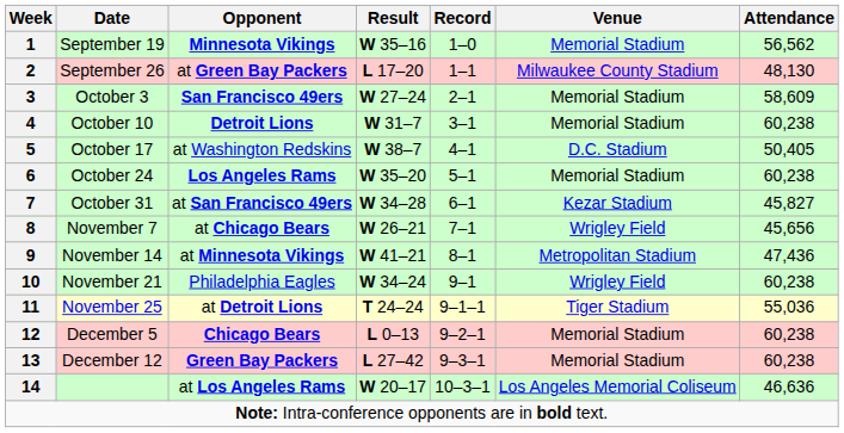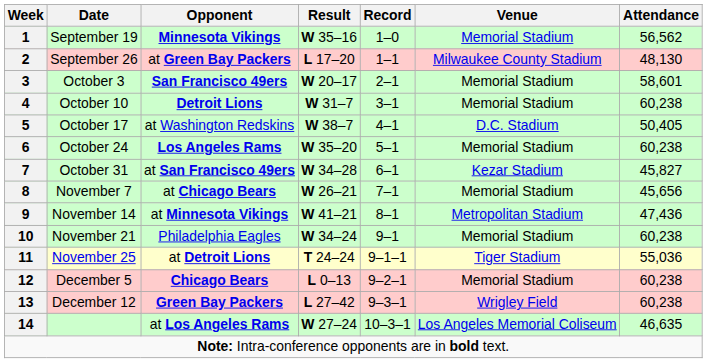 <table class="wikitable" style="text-align:center">
 <tr>
 <th>Week</th>
 <th>Date</th>
 <th>Opponent</th>
 <th>Result</th>
 <th>Record</th>
 <th>Venue</th>
 <th>Attendance</th>
 </tr>
 <tr style="background:#cfc">
 <th>1</th>
 <td>September 19</td>
 <td><strong><a href='#'>Minnesota Vikings</a></strong></td>
 <td><strong>W</strong> 35–16</td>
 <td>1–0</td>
 <td><a href='#'>Memorial Stadium</a></td>
 <td>56,562</td>
 </tr>
 <tr style="background:#fcc">
 <th>2</th>
 <td>September 26</td>
 <td>at <strong><a href='#'>Green Bay Packers</a></strong></td>
 <td><strong>L</strong> 17–20</td>
 <td>1–1</td>
 <td><a href='#'>Milwaukee County Stadium</a></td>
 <td>48,130</td>
 </tr>
 <tr style="background:#cfc">
 <th>3</th>
 <td>October 3</td>
 <td><strong><a href='#'>San Francisco 49ers</a></strong></td>
-<td><strong>W</strong> 27–24</td>
+<td><strong>W</strong> 20–17</td>
 <td>2–1</td>
 <td>Memorial Stadium</td>
-<td>58,609</td>
+<td>58,601</td>
 </tr>
 <tr style="background:#cfc">
 <th>4</th>
 <td>October 10</td>
 <td><strong><a href='#'>Detroit Lions</a></strong></td>
 <td><strong>W</strong> 31–7</td>
 <td>3–1</td>
 <td>Memorial Stadium</td>
 <td>60,238</td>
 </tr>
 <tr style="background:#cfc">
 <th>5</th>
 <td>October 17</td>
 <td>at <a href='#'>Washington Redskins</a></td>
 <td><strong>W</strong> 38–7</td>
 <td>4–1</td>
 <td><a href='#'>D.C. Stadium</a></td>
 <td>50,405</td>
 </tr>
 <tr style="background:#cfc">
 <th>6</th>
 <td>October 24</td>
 <td><strong><a href='#'>Los Angeles Rams</a></strong></td>
 <td><strong>W</strong> 35–20</td>
 <td>5–1</td>
 <td>Memorial Stadium</td>
 <td>60,238</td>
 </tr>
 <tr style="background:#cfc">
 <th>7</th>
 <td>October 31</td>
 <td>at <strong><a href='#'>San Francisco 49ers</a></strong></td>
 <td><strong>W</strong> 34–28</td>
 <td>6–1</td>
 <td><a href='#'>Kezar Stadium</a></td>
 <td>45,827</td>
 </tr>
 <tr style="background:#cfc">
 <th>8</th>
 <td>November 7</td>
 <td>at <strong><a href='#'>Chicago Bears</a></strong></td>
 <td><strong>W</strong> 26–21</td>
 <td>7–1</td>
-<td><a href='#'>Wrigley Field</a></td>
+<td>Memorial Stadium</td>
 <td>45,656</td>
 </tr>
 <tr style="background:#cfc">
 <th>9</th>
 <td>November 14</td>
 <td>at <strong><a href='#'>Minnesota Vikings</a></strong></td>
 <td><strong>W</strong> 41–21</td>
 <td>8–1</td>
 <td><a href='#'>Metropolitan Stadium</a></td>
 <td>47,436</td>
 </tr>
 <tr style="background:#cfc">
 <th>10</th>
 <td>November 21</td>
 <td><a href='#'>Philadelphia Eagles</a></td>
 <td><strong>W</strong> 34–24</td>
 <td>9–1</td>
-<td><a href='#'>Wrigley Field</a></td>
+<td>Memorial Stadium</td>
 <td>60,238</td>
 </tr>
 <tr style="background:#ffc">
 <th>11</th>
 <td><a href='#'>November 25</a></td>
 <td>at <strong><a href='#'>Detroit Lions</a></strong></td>
 <td><strong>T</strong> 24–24</td>
 <td>9–1–1</td>
 <td><a href='#'>Tiger Stadium</a></td>
 <td>55,036</td>
 </tr>
 <tr style="background:#fcc">
 <th>12</th>
 <td>December 5</td>
 <td><strong><a href='#'>Chicago Bears</a></strong></td>
 <td><strong>L</strong> 0–13</td>
 <td>9–2–1</td>
 <td>Memorial Stadium</td>
 <td>60,238</td>
 </tr>
 <tr style="background:#fcc">
 <th>13</th>
 <td>December 12</td>
 <td><strong><a href='#'>Green Bay Packers</a></strong></td>
 <td><strong>L</strong> 27–42</td>
 <td>9–3–1</td>
-<td>Memorial Stadium</td>
+<td><a href='#'>Wrigley Field</a></td>
 <td>60,238</td>
 </tr>
 <tr style="background:#cfc">
 <th>14</th>
 <td></td>
 <td>at <strong><a href='#'>Los Angeles Rams</a></strong></td>
-<td><strong>W</strong> 20–17</td>
+<td><strong>W</strong> 27–24</td>
 <td>10–3–1</td>
 <td><a href='#'>Los Angeles Memorial Coliseum</a></td>
-<td>46,636</td>
+<td>46,635</td>
 </tr>
 <tr>
 <td colspan="8"><strong>Note:</strong> Intra-conference opponents are in <strong>bold</strong> text.</td>
 </tr>
 </table>
